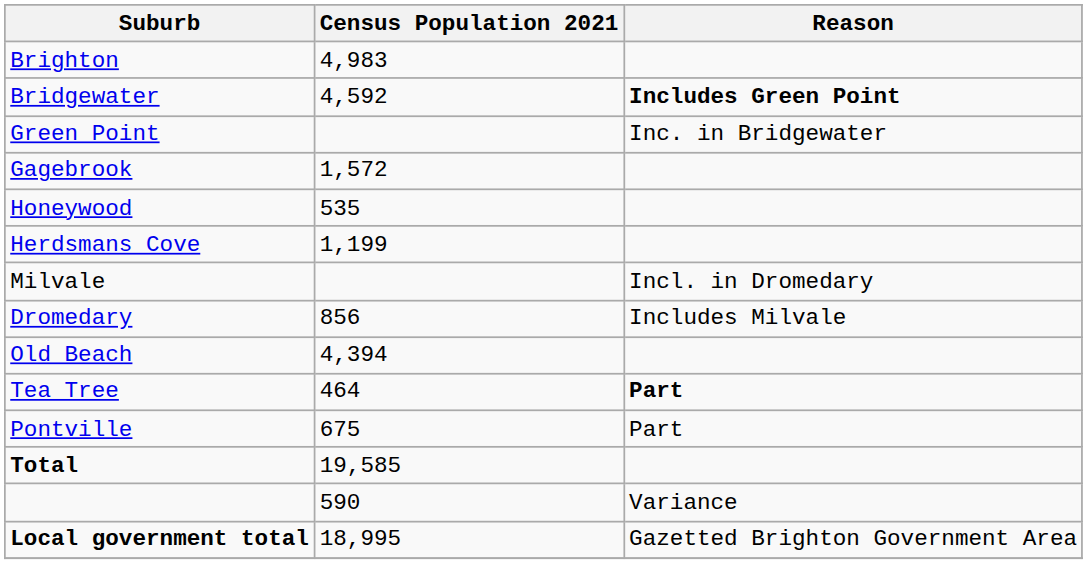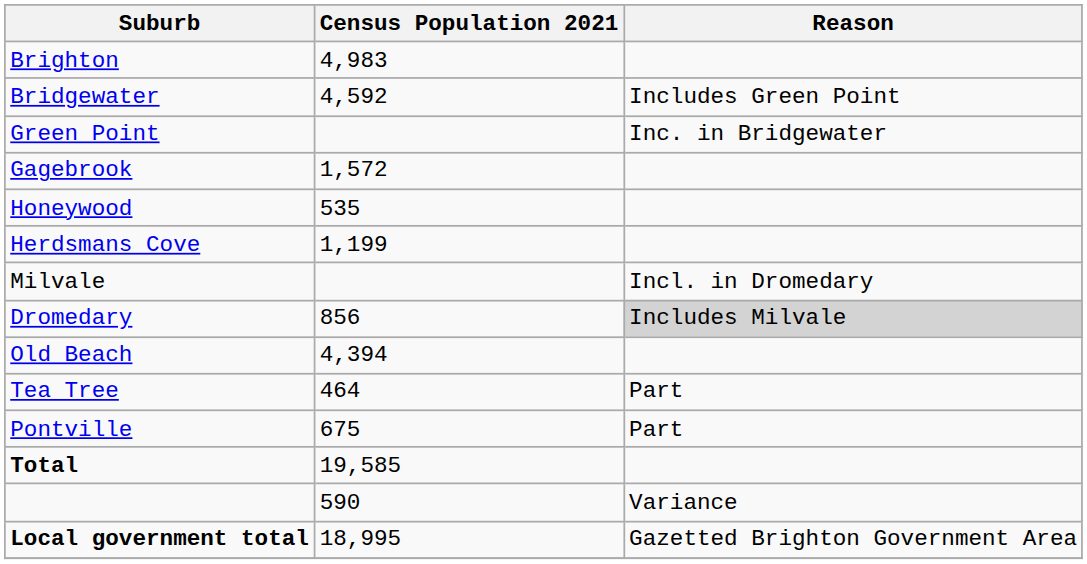 <table class="wikitable">
 <tr>
 <th>Suburb</th>
 <th>Census Population 2021</th>
 <th>Reason</th>
 </tr>
 <tr>
 <td><a href='#'>Brighton</a></td>
 <td>4,983</td>
 <td></td>
 </tr>
 <tr>
 <td><a href='#'>Bridgewater</a></td>
 <td>4,592</td>
-<td><strong>Includes Green Point</strong></td>
+<td>Includes Green Point</td>
 </tr>
 <tr>
 <td><a href='#'>Green Point</a></td>
 <td></td>
 <td>Inc. in Bridgewater</td>
 </tr>
 <tr>
 <td><a href='#'>Gagebrook</a></td>
 <td>1,572</td>
 <td></td>
 </tr>
 <tr>
 <td><a href='#'>Honeywood</a></td>
 <td>535</td>
 <td></td>
 </tr>
 <tr>
 <td><a href='#'>Herdsmans Cove</a></td>
 <td>1,199</td>
 <td></td>
 </tr>
 <tr>
 <td>Milvale</td>
 <td></td>
 <td>Incl. in Dromedary</td>
 </tr>
 <tr>
 <td><a href='#'>Dromedary</a></td>
 <td>856</td>
-<td>Includes Milvale</td>
+<td style="background: lightgrey;">Includes Milvale</td>
 </tr>
 <tr>
 <td><a href='#'>Old Beach</a></td>
 <td>4,394</td>
 <td></td>
 </tr>
 <tr>
 <td><a href='#'>Tea Tree</a></td>
 <td>464</td>
-<td><strong>Part</strong></td>
+<td>Part</td>
 </tr>
 <tr>
 <td><a href='#'>Pontville</a></td>
 <td>675</td>
 <td>Part</td>
 </tr>
 <tr>
 <td><strong>Total</strong></td>
 <td>19,585</td>
 <td></td>
 </tr>
 <tr>
 <td></td>
 <td>590</td>
 <td>Variance</td>
 </tr>
 <tr>
 <td><strong>Local government total</strong></td>
 <td>18,995</td>
 <td>Gazetted Brighton Government Area</td>
 </tr>
 <tr>
 </tr>
 </table>
